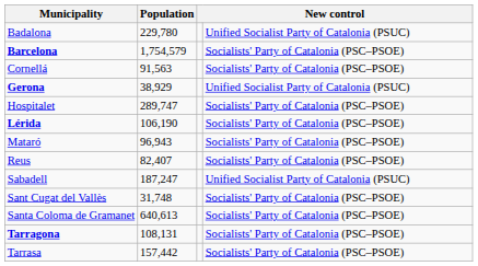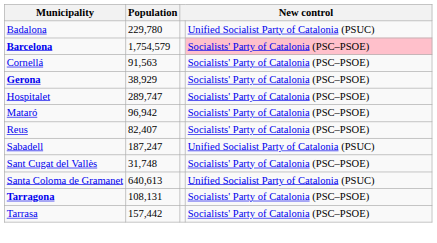 <table class="wikitable sortable">
 <tr>
 <th>Municipality</th>
 <th>Population</th>
 <th colspan="2" style="width:375px;">New control</th>
 </tr>
 <tr>
 <td><a href='#'>Badalona</a></td>
 <td>229,780</td>
 <td width="1" style="color:inherit;background:"></td>
 <td><a href='#'>Unified Socialist Party of Catalonia</a> (PSUC)</td>
 </tr>
 <tr>
 <td><strong><a href='#'>Barcelona</a></strong></td>
 <td>1,754,579</td>
 <td style="color:inherit;background:"></td>
-<td><a href='#'>Socialists' Party of Catalonia</a> (PSC–PSOE)</td>
+<td style="background: pink;"><a href='#'>Socialists' Party of Catalonia</a> (PSC–PSOE)</td>
 </tr>
 <tr>
 <td><a href='#'>Cornellá</a></td>
 <td>91,563</td>
 <td style="color:inherit;background:"></td>
 <td><a href='#'>Socialists' Party of Catalonia</a> (PSC–PSOE)</td>
 </tr>
 <tr>
 <td><strong><a href='#'>Gerona</a></strong></td>
 <td>38,929</td>
 <td style="color:inherit;background:"></td>
-<td><a href='#'>Unified Socialist Party of Catalonia</a> (PSUC)</td>
+<td><a href='#'>Socialists' Party of Catalonia</a> (PSC–PSOE)</td>
 </tr>
 <tr>
 <td><a href='#'>Hospitalet</a></td>
 <td>289,747</td>
 <td style="color:inherit;background:"></td>
 <td><a href='#'>Socialists' Party of Catalonia</a> (PSC–PSOE)</td>
 </tr>
 <tr>
-<td><strong><a href='#'>Lérida</a></strong></td>
-<td>106,190</td>
-<td style="color:inherit;background:"></td>
-<td><a href='#'>Socialists' Party of Catalonia</a> (PSC–PSOE)</td>
-</tr>
-<tr>
 <td><a href='#'>Mataró</a></td>
-<td>96,943</td>
+<td>96,942</td>
 <td style="color:inherit;background:"></td>
 <td><a href='#'>Socialists' Party of Catalonia</a> (PSC–PSOE)</td>
 </tr>
 <tr>
 <td><a href='#'>Reus</a></td>
 <td>82,407</td>
 <td style="color:inherit;background:"></td>
 <td><a href='#'>Socialists' Party of Catalonia</a> (PSC–PSOE)</td>
 </tr>
 <tr>
 <td><a href='#'>Sabadell</a></td>
 <td>187,247</td>
 <td style="color:inherit;background:"></td>
 <td><a href='#'>Unified Socialist Party of Catalonia</a> (PSUC)</td>
 </tr>
 <tr>
 <td><a href='#'>Sant Cugat del Vallès</a></td>
 <td>31,748</td>
 <td style="color:inherit;background:"></td>
 <td><a href='#'>Socialists' Party of Catalonia</a> (PSC–PSOE)</td>
 </tr>
 <tr>
 <td><a href='#'>Santa Coloma de Gramanet</a></td>
 <td>640,613</td>
 <td style="color:inherit;background:"></td>
-<td><a href='#'>Socialists' Party of Catalonia</a> (PSC–PSOE)</td>
+<td><a href='#'>Unified Socialist Party of Catalonia</a> (PSUC)</td>
 </tr>
 <tr>
 <td><strong><a href='#'>Tarragona</a></strong></td>
 <td>108,131</td>
 <td style="color:inherit;background:"></td>
 <td><a href='#'>Socialists' Party of Catalonia</a> (PSC–PSOE)</td>
 </tr>
 <tr>
 <td><a href='#'>Tarrasa</a></td>
 <td>157,442</td>
 <td style="color:inherit;background:"></td>
 <td><a href='#'>Socialists' Party of Catalonia</a> (PSC–PSOE)</td>
 </tr>
 </table>
